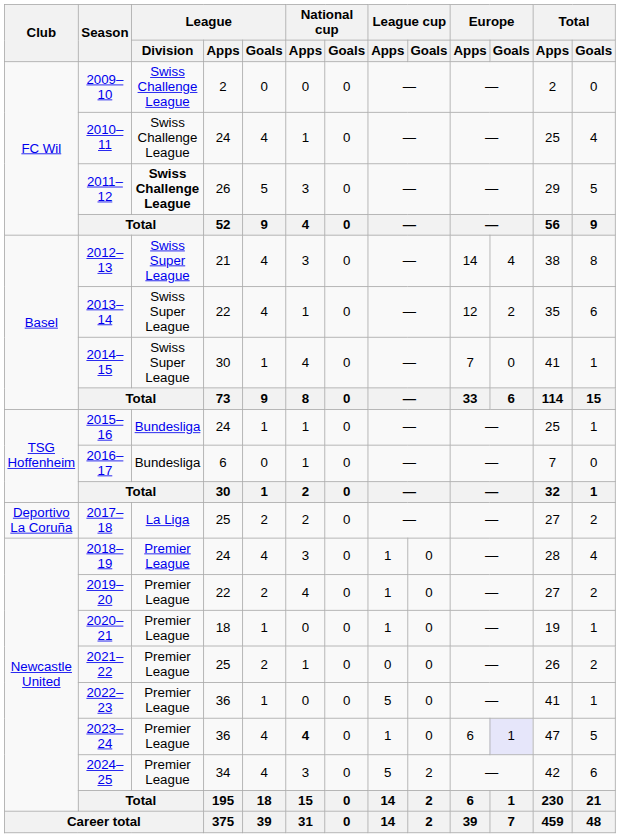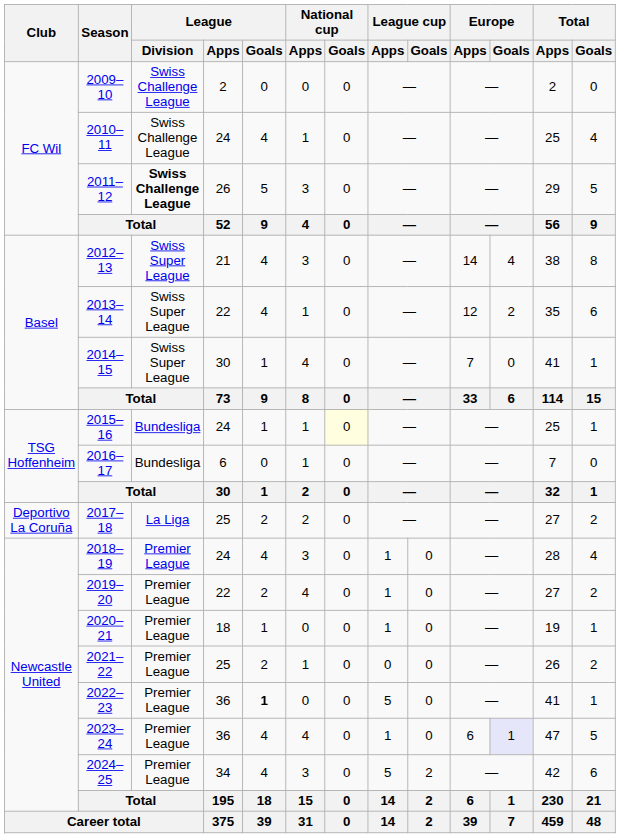 <table class="wikitable" style="text-align:center">
 <tr>
 <th rowspan="2">Club</th>
 <th rowspan="2">Season</th>
 <th colspan="3">League</th>
 <th colspan="2">National cup</th>
 <th colspan="2">League cup</th>
 <th colspan="2">Europe</th>
 <th colspan="2">Total</th>
 </tr>
 <tr>
 <th>Division</th>
 <th>Apps</th>
 <th>Goals</th>
 <th>Apps</th>
 <th>Goals</th>
 <th>Apps</th>
 <th>Goals</th>
 <th>Apps</th>
 <th>Goals</th>
 <th>Apps</th>
 <th>Goals</th>
 </tr>
 <tr>
 <td rowspan="4"><a href='#'>FC Wil</a></td>
 <td><a href='#'>2009–10</a></td>
 <td><a href='#'>Swiss Challenge League</a></td>
 <td>2</td>
 <td>0</td>
 <td>0</td>
 <td>0</td>
 <td colspan="2">—</td>
 <td colspan="2">—</td>
 <td>2</td>
 <td>0</td>
 </tr>
 <tr>
 <td><a href='#'>2010–11</a></td>
 <td>Swiss Challenge League</td>
 <td>24</td>
 <td>4</td>
 <td>1</td>
 <td>0</td>
 <td colspan="2">—</td>
 <td colspan="2">—</td>
 <td>25</td>
 <td>4</td>
 </tr>
 <tr>
 <td><a href='#'>2011–12</a></td>
 <td><strong>Swiss Challenge League</strong></td>
 <td>26</td>
 <td>5</td>
 <td>3</td>
 <td>0</td>
 <td colspan="2">—</td>
 <td colspan="2">—</td>
 <td>29</td>
 <td>5</td>
 </tr>
 <tr>
 <th colspan="2">Total</th>
 <th>52</th>
 <th>9</th>
 <th>4</th>
 <th>0</th>
 <th colspan="2">—</th>
 <th colspan="2">—</th>
 <th>56</th>
 <th>9</th>
 </tr>
 <tr>
 <td rowspan="4"><a href='#'>Basel</a></td>
 <td><a href='#'>2012–13</a></td>
 <td><a href='#'>Swiss Super League</a></td>
 <td>21</td>
 <td>4</td>
 <td>3</td>
 <td>0</td>
 <td colspan="2">—</td>
 <td>14</td>
 <td>4</td>
 <td>38</td>
 <td>8</td>
 </tr>
 <tr>
 <td><a href='#'>2013–14</a></td>
 <td>Swiss Super League</td>
 <td>22</td>
 <td>4</td>
 <td>1</td>
 <td>0</td>
 <td colspan="2">—</td>
 <td>12</td>
 <td>2</td>
 <td>35</td>
 <td>6</td>
 </tr>
 <tr>
 <td><a href='#'>2014–15</a></td>
 <td>Swiss Super League</td>
 <td>30</td>
 <td>1</td>
 <td>4</td>
 <td>0</td>
 <td colspan="2">—</td>
 <td>7</td>
 <td>0</td>
 <td>41</td>
 <td>1</td>
 </tr>
 <tr>
 <th colspan="2">Total</th>
 <th>73</th>
 <th>9</th>
 <th>8</th>
 <th>0</th>
 <th colspan="2">—</th>
 <th>33</th>
 <th>6</th>
 <th>114</th>
 <th>15</th>
 </tr>
 <tr>
 <td rowspan="3"><a href='#'>TSG Hoffenheim</a></td>
 <td><a href='#'>2015–16</a></td>
 <td><a href='#'>Bundesliga</a></td>
 <td>24</td>
 <td>1</td>
 <td>1</td>
-<td>0</td>
+<td style="background: lightyellow;">0</td>
 <td colspan="2">—</td>
 <td colspan="2">—</td>
 <td>25</td>
 <td>1</td>
 </tr>
 <tr>
 <td><a href='#'>2016–17</a></td>
 <td>Bundesliga</td>
 <td>6</td>
 <td>0</td>
 <td>1</td>
 <td>0</td>
 <td colspan="2">—</td>
 <td colspan="2">—</td>
 <td>7</td>
 <td>0</td>
 </tr>
 <tr>
 <th colspan="2">Total</th>
 <th>30</th>
 <th>1</th>
 <th>2</th>
 <th>0</th>
 <th colspan="2">—</th>
 <th colspan="2">—</th>
 <th>32</th>
 <th>1</th>
 </tr>
 <tr>
 <td><a href='#'>Deportivo La Coruña</a></td>
 <td><a href='#'>2017–18</a></td>
 <td><a href='#'>La Liga</a></td>
 <td>25</td>
 <td>2</td>
 <td>2</td>
 <td>0</td>
 <td colspan="2">—</td>
 <td colspan="2">—</td>
 <td>27</td>
 <td>2</td>
 </tr>
 <tr>
 <td rowspan="8"><a href='#'>Newcastle United</a></td>
 <td><a href='#'>2018–19</a></td>
 <td><a href='#'>Premier League</a></td>
 <td>24</td>
 <td>4</td>
 <td>3</td>
 <td>0</td>
 <td>1</td>
 <td>0</td>
 <td colspan="2">—</td>
 <td>28</td>
 <td>4</td>
 </tr>
 <tr>
 <td><a href='#'>2019–20</a></td>
 <td>Premier League</td>
 <td>22</td>
 <td>2</td>
 <td>4</td>
 <td>0</td>
 <td>1</td>
 <td>0</td>
 <td colspan="2">—</td>
 <td>27</td>
 <td>2</td>
 </tr>
 <tr>
 <td><a href='#'>2020–21</a></td>
 <td>Premier League</td>
 <td>18</td>
 <td>1</td>
 <td>0</td>
 <td>0</td>
 <td>1</td>
 <td>0</td>
 <td colspan="2">—</td>
 <td>19</td>
 <td>1</td>
 </tr>
 <tr>
 <td><a href='#'>2021–22</a></td>
 <td>Premier League</td>
 <td>25</td>
 <td>2</td>
 <td>1</td>
 <td>0</td>
 <td>0</td>
 <td>0</td>
 <td colspan="2">—</td>
 <td>26</td>
 <td>2</td>
 </tr>
 <tr>
 <td><a href='#'>2022–23</a></td>
 <td>Premier League</td>
 <td>36</td>
-<td>1</td>
+<td><strong>1</strong></td>
 <td>0</td>
 <td>0</td>
 <td>5</td>
 <td>0</td>
 <td colspan="2">—</td>
 <td>41</td>
 <td>1</td>
 </tr>
 <tr>
 <td><a href='#'>2023–24</a></td>
 <td>Premier League</td>
 <td>36</td>
 <td>4</td>
-<td><strong>4</strong></td>
+<td>4</td>
 <td>0</td>
 <td>1</td>
 <td>0</td>
 <td>6</td>
 <td style="background: lavender;">1</td>
 <td>47</td>
 <td>5</td>
 </tr>
 <tr>
 <td><a href='#'>2024–25</a></td>
 <td>Premier League</td>
 <td>34</td>
 <td>4</td>
 <td>3</td>
 <td>0</td>
 <td>5</td>
 <td>2</td>
 <td colspan="2">—</td>
 <td>42</td>
 <td>6</td>
 </tr>
 <tr>
 <th colspan="2">Total</th>
 <th>195</th>
 <th>18</th>
 <th>15</th>
 <th>0</th>
 <th>14</th>
 <th>2</th>
 <th>6</th>
 <th>1</th>
 <th>230</th>
 <th>21</th>
 </tr>
 <tr>
 <th colspan="3">Career total</th>
 <th>375</th>
 <th>39</th>
 <th>31</th>
 <th>0</th>
 <th>14</th>
 <th>2</th>
 <th>39</th>
 <th>7</th>
 <th>459</th>
 <th>48</th>
 </tr>
 </table>
